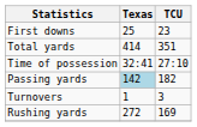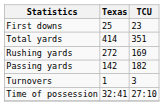 <table class="wikitable" style="float: left;">
 <tr>
 <th>Statistics</th>
 <th>Texas</th>
 <th>TCU</th>
 </tr>
 <tr>
 <td>First downs</td>
 <td>25</td>
 <td>23</td>
 </tr>
 <tr>
 <td>Total yards</td>
 <td>414</td>
 <td>351</td>
 </tr>
 <tr>
-<td>Time of possession</td>
-<td>32:41</td>
-<td>27:10</td>
+<td>Rushing yards</td>
+<td>272</td>
+<td>169</td>
 </tr>
 <tr>
 <td>Passing yards</td>
-<td style="background: lightblue;">142</td>
+<td>142</td>
 <td>182</td>
 </tr>
 <tr>
 <td>Turnovers</td>
 <td>1</td>
 <td>3</td>
 </tr>
 <tr>
-<td>Rushing yards</td>
-<td>272</td>
-<td>169</td>
+<td>Time of possession</td>
+<td>32:41</td>
+<td>27:10</td>
 </tr>
 <tr>
 </tr>
 </table>
